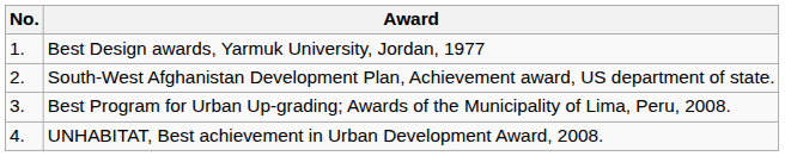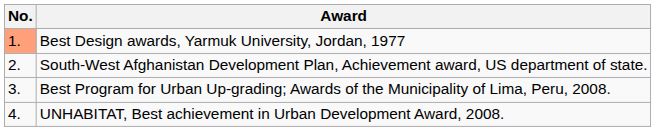 <table class="wikitable">
 <tr>
 <th>No.</th>
 <th>Award</th>
 </tr>
 <tr>
-<td>1.</td>
+<td style="background: lightsalmon;">1.</td>
 <td>Best  Design awards,  Yarmuk  University, Jordan, 1977</td>
 </tr>
 <tr>
 <td>2.</td>
 <td>South-West Afghanistan Development Plan, Achievement award, US department of state.</td>
 </tr>
 <tr>
 <td>3.</td>
 <td>Best Program for Urban Up-grading; Awards  of  the  Municipality of  Lima,  Peru,  2008.</td>
 </tr>
 <tr>
 <td>4.</td>
 <td>UNHABITAT,  Best achievement in Urban Development  Award,  2008.</td>
 </tr>
 </table>
